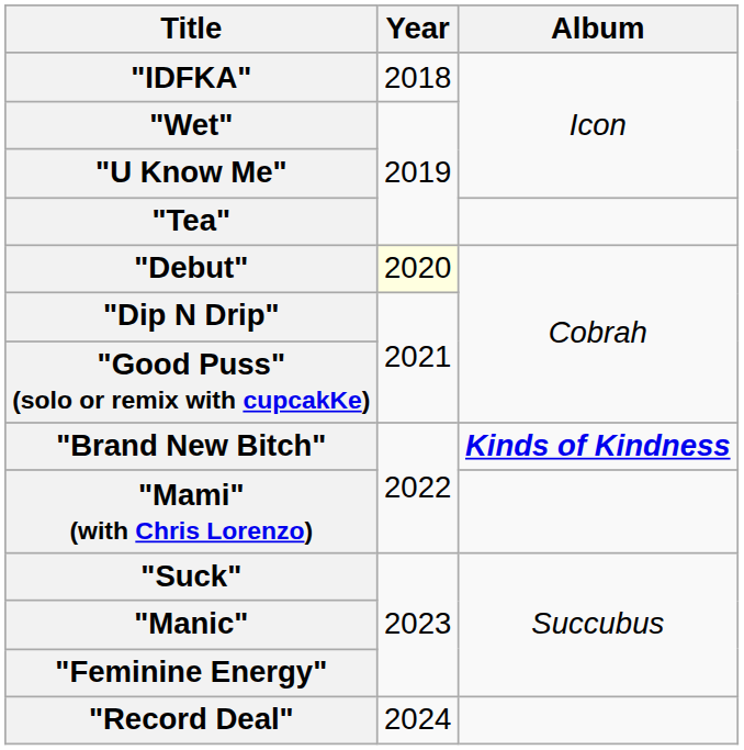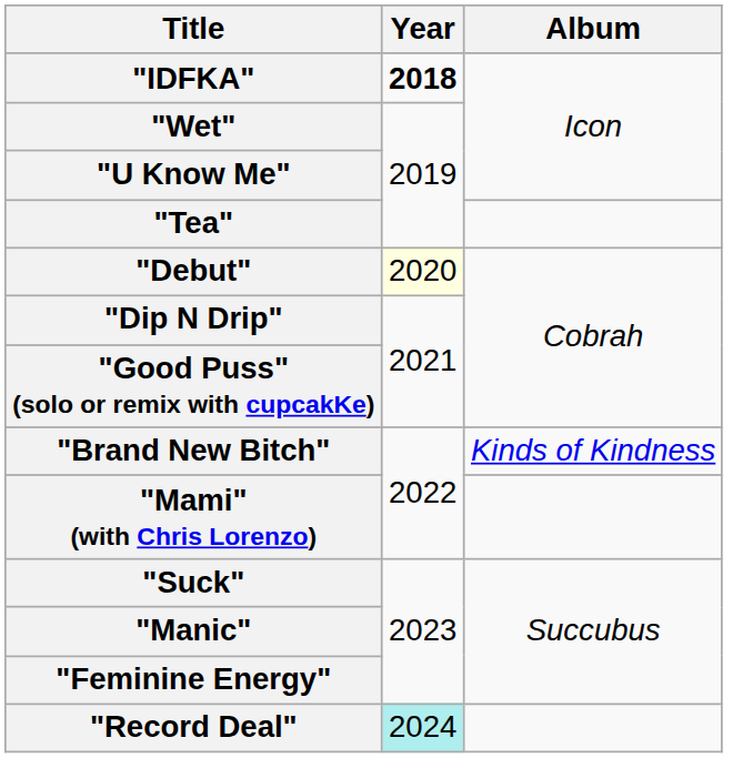 <table class="wikitable plainrowheaders" style="text-align:center">
 <tr>
 <th scope="col">Title</th>
 <th scope="col">Year</th>
 <th scope="col">Album</th>
 </tr>
 <tr>
 <th scope="row">"IDFKA"</th>
-<td>2018</td>
+<td><strong>2018</strong></td>
 <td rowspan="3"><em>Icon</em></td>
 </tr>
 <tr>
 <th scope="row">"Wet"</th>
 <td rowspan="3">2019</td>
 </tr>
 <tr>
 <th scope="row">"U Know Me"</th>
 </tr>
 <tr>
 <th scope="row">"Tea"</th>
 <td></td>
 </tr>
 <tr>
 <th scope="row">"Debut"</th>
 <td style="background: lightyellow;">2020</td>
 <td rowspan="3"><em>Cobrah</em></td>
 </tr>
 <tr>
 <th scope="row">"Dip N Drip"</th>
 <td rowspan="2">2021</td>
 </tr>
 <tr>
 <th scope="row">"Good Puss"<br><small>(solo or remix with <a href='#'>cupcakKe</a>)</small></th>
 </tr>
 <tr>
 <th scope="row">"Brand New Bitch"</th>
 <td rowspan="2">2022</td>
-<td><strong><em><a href='#'>Kinds of Kindness</a></em></strong></td>
+<td><em><a href='#'>Kinds of Kindness</a></em></td>
 </tr>
 <tr>
 <th scope="row">"Mami"<br><small>(with <a href='#'>Chris Lorenzo</a>)</small></th>
 <td></td>
 </tr>
 <tr>
 <th scope="row">"Suck"</th>
 <td rowspan="3">2023</td>
 <td rowspan="3"><em>Succubus</em></td>
 </tr>
 <tr>
 <th scope="row">"Manic"</th>
 </tr>
 <tr>
 <th scope="row">"Feminine Energy"</th>
 </tr>
 <tr>
 <th scope="row">"Record Deal"</th>
-<td>2024</td>
+<td style="background: paleturquoise;">2024</td>
 <td></td>
 </tr>
 </table>
